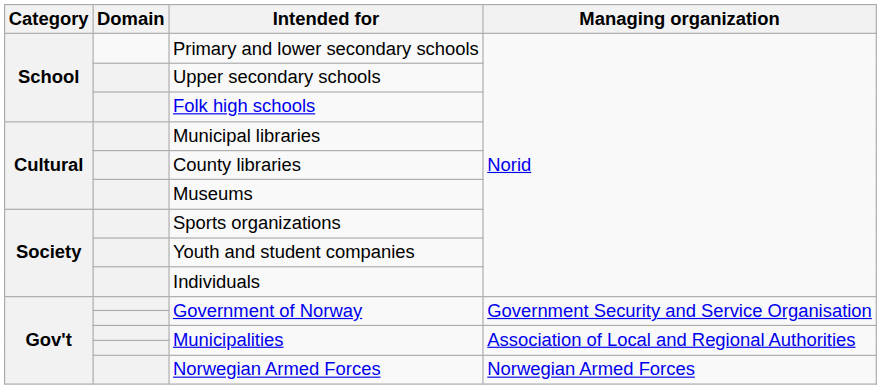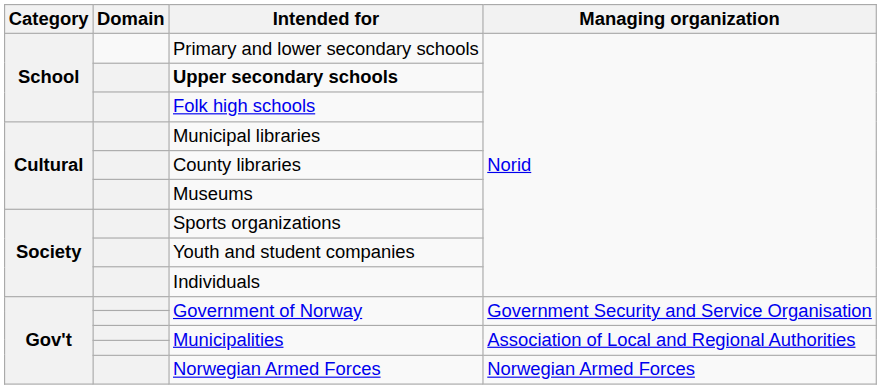 <table class="wikitable plainrowheaders">
 <tr>
 <th>Category</th>
 <th scope="col">Domain</th>
 <th scope=col>Intended for</th>
 <th scope=col>Managing organization</th>
 </tr>
 <tr>
 <th rowspan="3">School</th>
 <td></td>
 <td>Primary and lower secondary schools</td>
 <td rowspan="9"><a href='#'>Norid</a></td>
 </tr>
 <tr>
 <th scope="row"></th>
-<td>Upper secondary schools</td>
+<td><strong>Upper secondary schools</strong></td>
 </tr>
 <tr>
 <th scope="row"></th>
 <td><a href='#'>Folk high schools</a></td>
 </tr>
 <tr>
 <th rowspan="3">Cultural</th>
 <th scope="row"></th>
 <td>Municipal libraries</td>
 </tr>
 <tr>
 <th scope="row"></th>
 <td>County libraries</td>
 </tr>
 <tr>
 <th scope="row"></th>
 <td>Museums</td>
 </tr>
 <tr>
 <th rowspan="3">Society</th>
 <th scope="row"></th>
 <td>Sports organizations</td>
 </tr>
 <tr>
 <th scope="row"></th>
 <td>Youth and student companies</td>
 </tr>
 <tr>
 <th scope="row"></th>
 <td>Individuals</td>
 </tr>
 <tr>
 <th rowspan="5">Gov't</th>
 <th scope="row"></th>
 <td rowspan="2"><a href='#'>Government of Norway</a></td>
 <td rowspan="2"><a href='#'>Government Security and Service Organisation</a></td>
 </tr>
 <tr>
 <th scope="row"></th>
 </tr>
 <tr>
 <th scope="row"></th>
 <td rowspan="2"><a href='#'>Municipalities</a></td>
 <td rowspan="2"><a href='#'>Association of Local and Regional Authorities</a></td>
 </tr>
 <tr>
 <th scope="row"></th>
 </tr>
 <tr>
 <th scope=row></th>
 <td><a href='#'>Norwegian Armed Forces</a></td>
 <td><a href='#'>Norwegian Armed Forces</a></td>
 </tr>
 </table>
